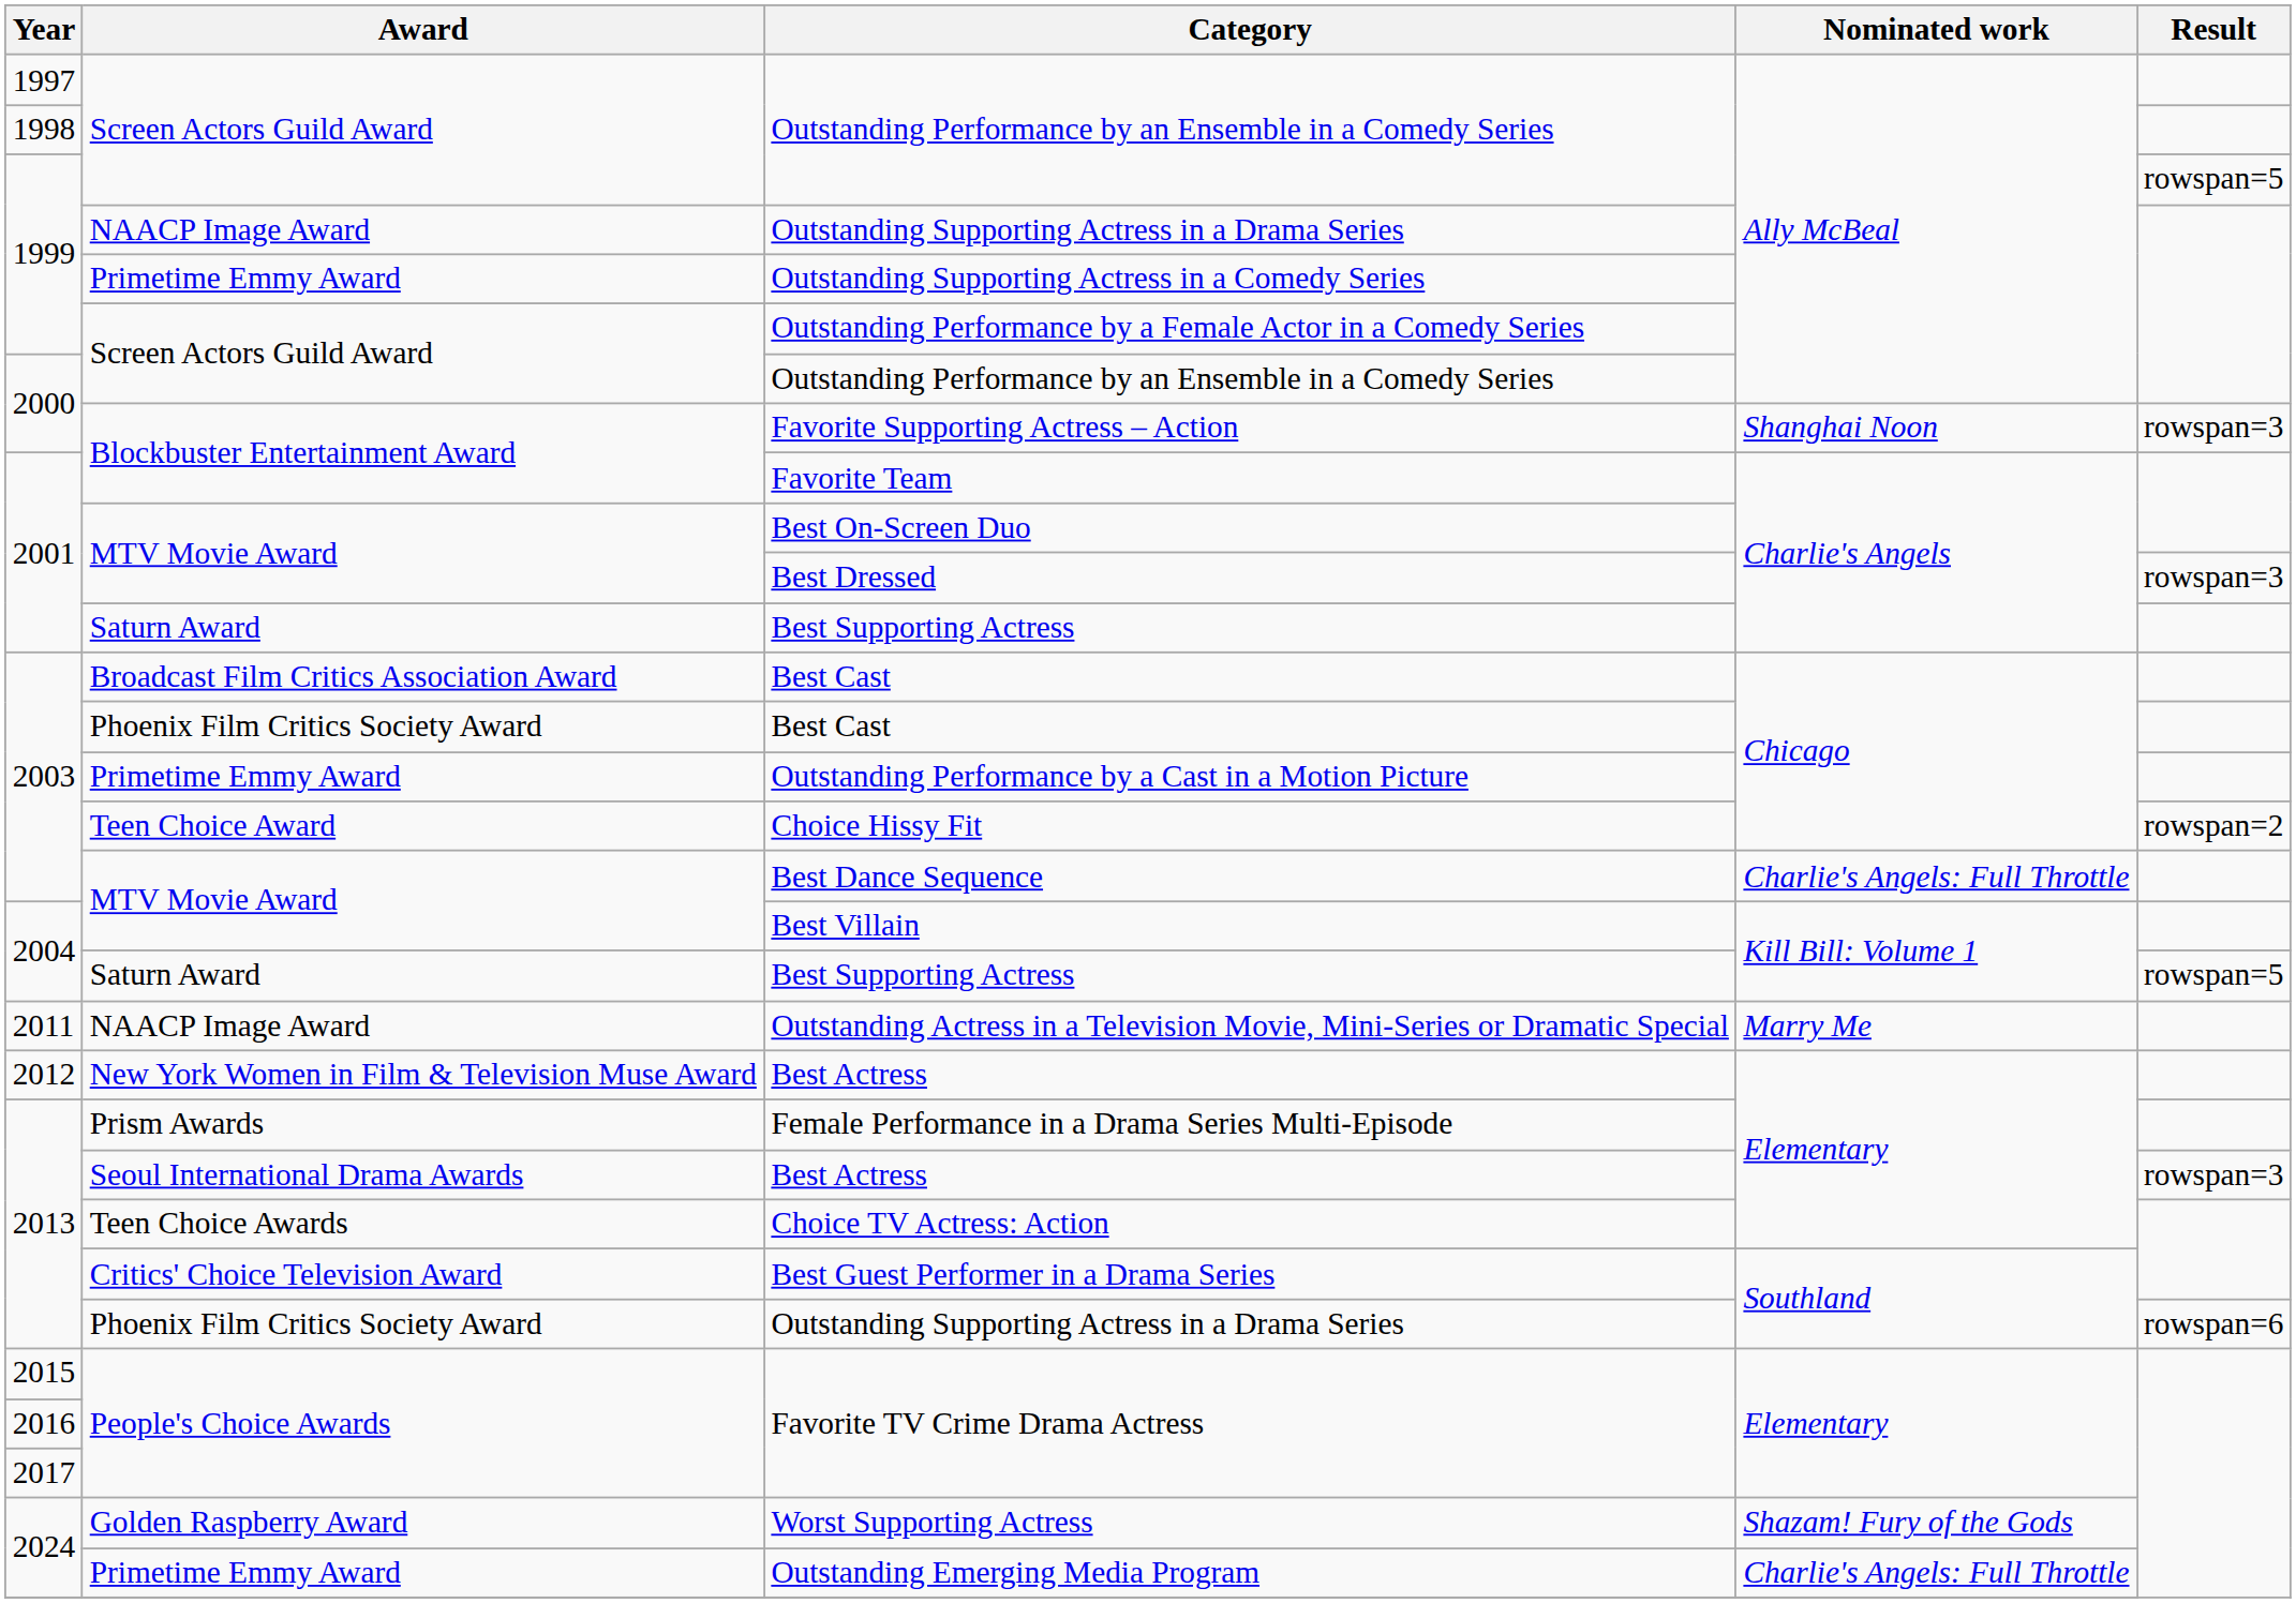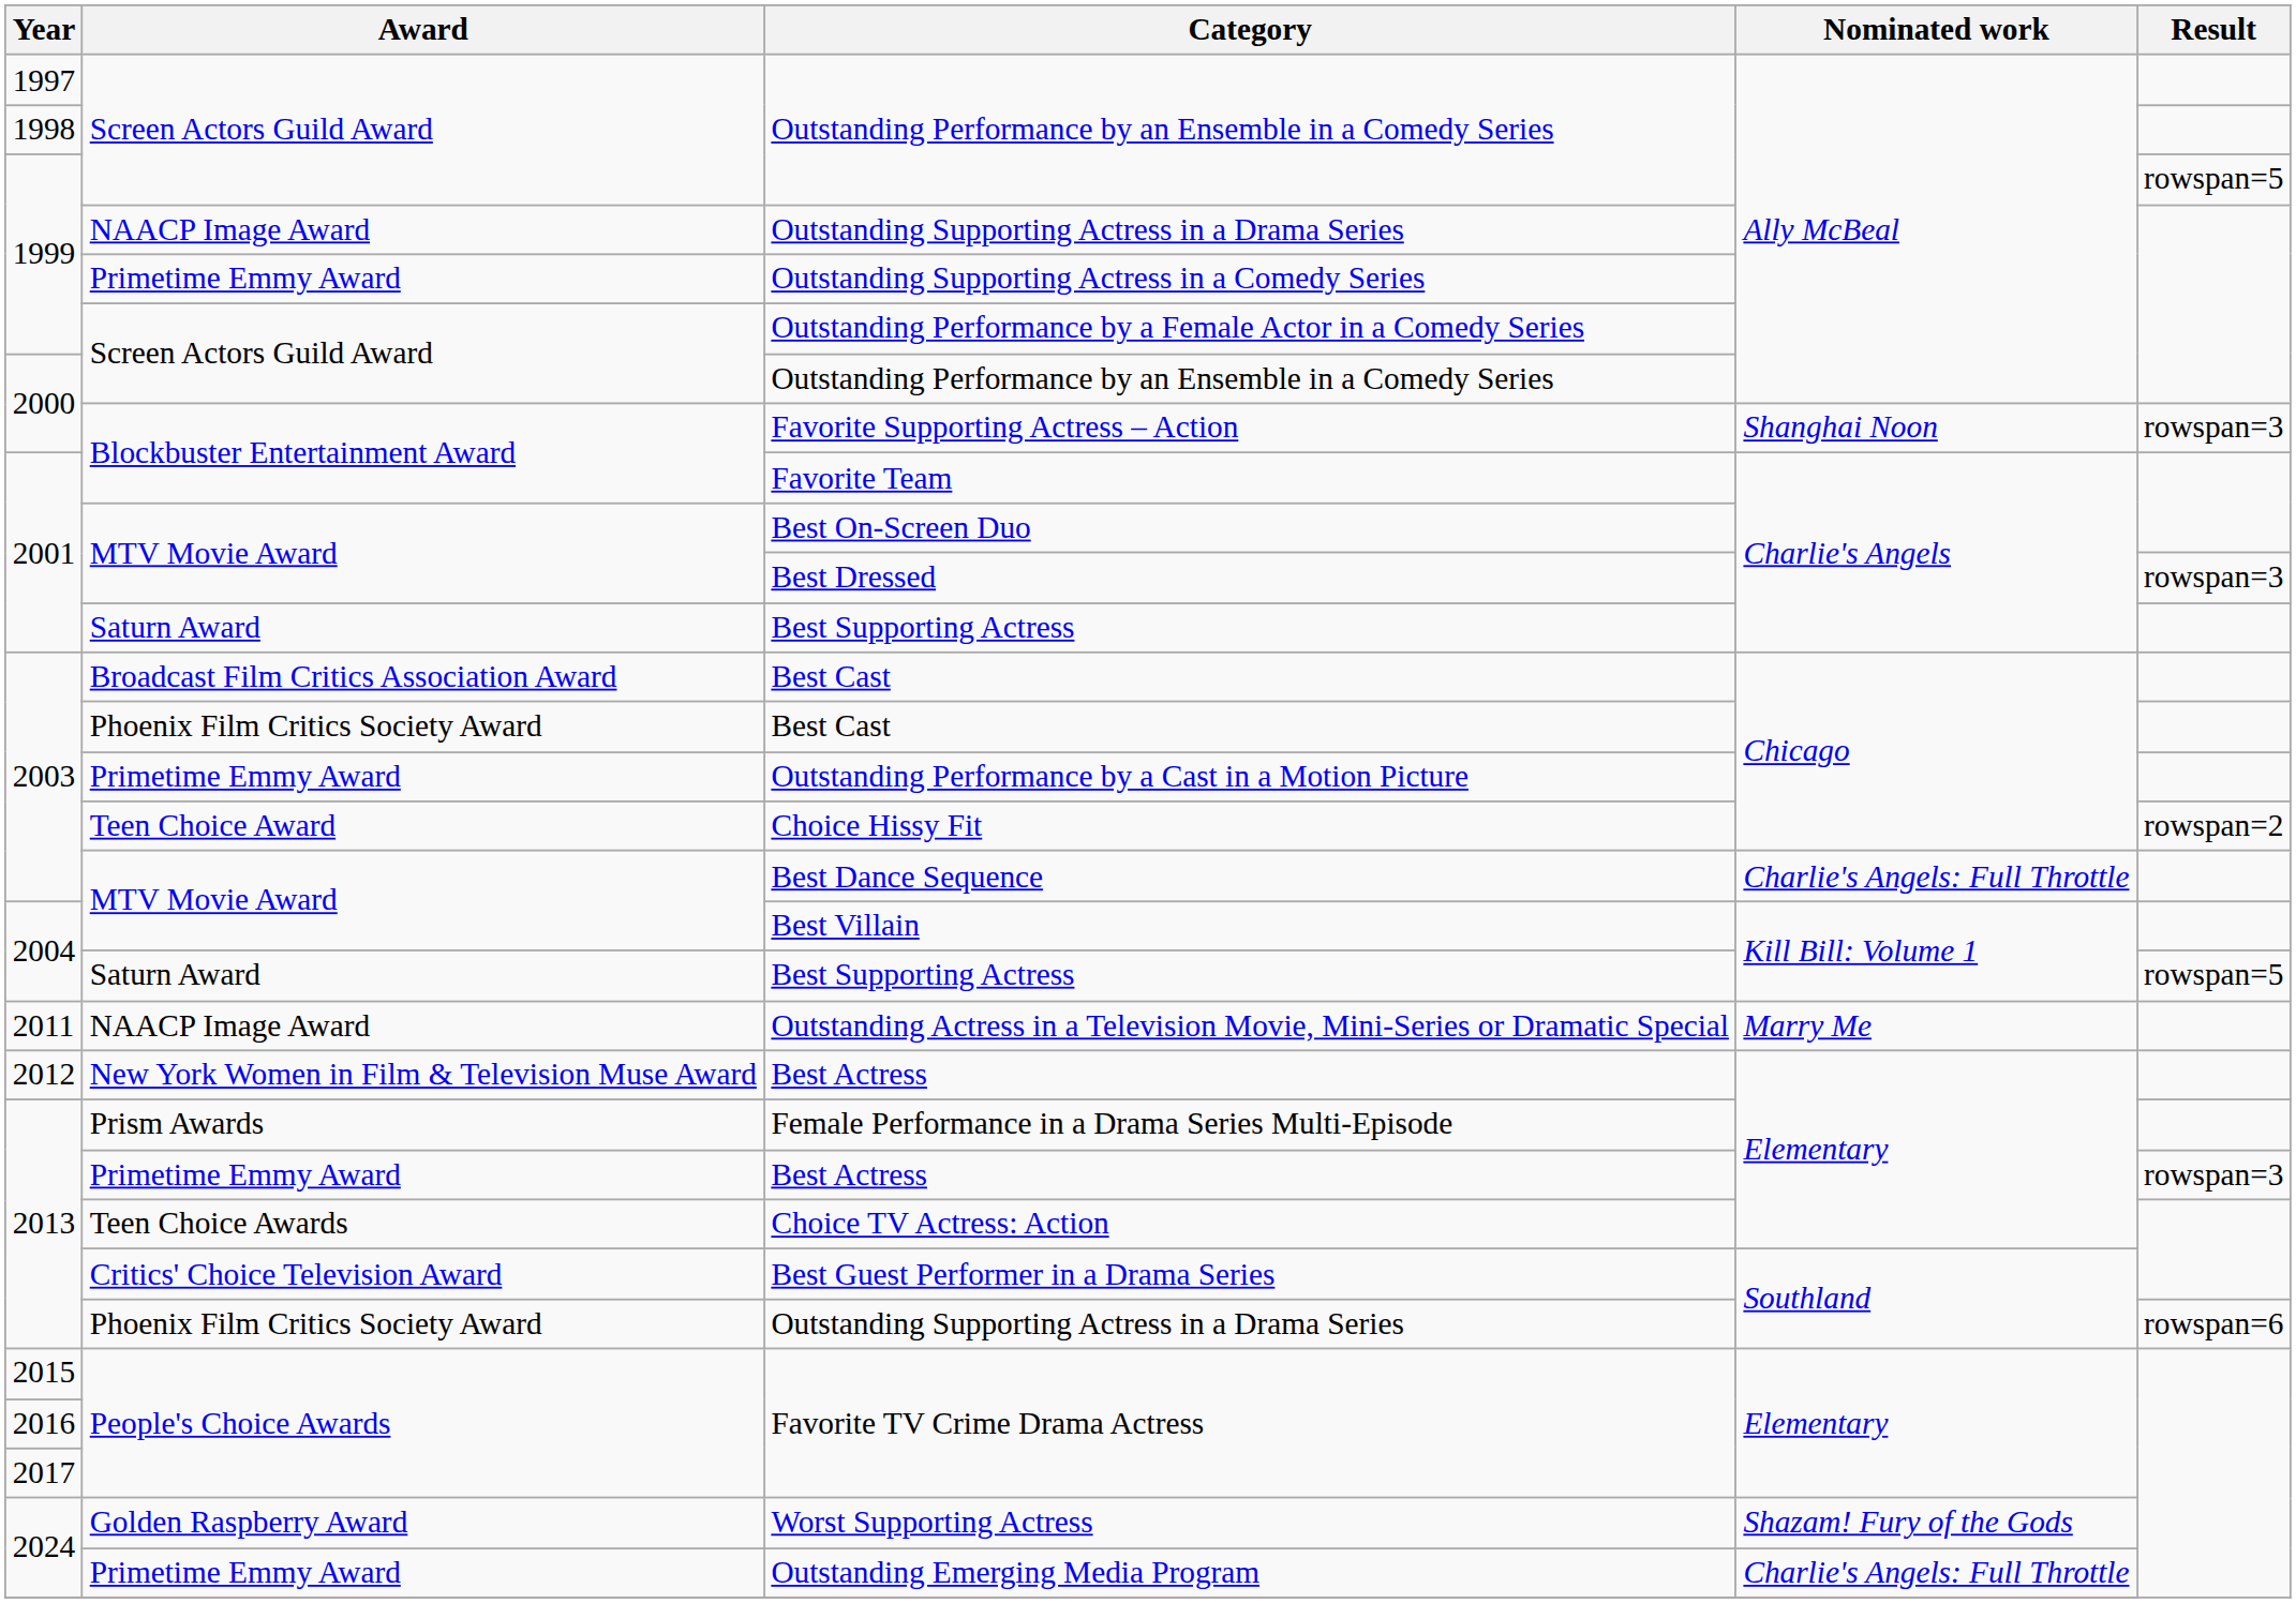 <table class="wikitable">
 <tr>
 <th>Year</th>
 <th>Award</th>
 <th>Category</th>
 <th>Nominated work</th>
 <th>Result</th>
 </tr>
 <tr>
 <td>1997</td>
 <td rowspan=3><a href='#'>Screen Actors Guild Award</a></td>
 <td rowspan=3><a href='#'>Outstanding Performance by an Ensemble in a Comedy Series</a></td>
 <td rowspan=7><em><a href='#'>Ally McBeal</a></em></td>
 <td></td>
 </tr>
 <tr>
 <td>1998</td>
 <td></td>
 </tr>
 <tr>
 <td rowspan=4>1999</td>
 <td>rowspan=5 </td>
 </tr>
 <tr>
 <td><a href='#'>NAACP Image Award</a></td>
 <td><a href='#'>Outstanding Supporting Actress in a Drama Series</a></td>
 </tr>
 <tr>
 <td><a href='#'>Primetime Emmy Award</a></td>
 <td><a href='#'>Outstanding Supporting Actress in a Comedy Series</a></td>
 </tr>
 <tr>
 <td rowspan=2>Screen Actors Guild Award</td>
 <td><a href='#'>Outstanding Performance by a Female Actor in a Comedy Series</a></td>
 </tr>
 <tr>
 <td rowspan=2>2000</td>
 <td>Outstanding Performance by an Ensemble in a Comedy Series</td>
 </tr>
 <tr>
 <td rowspan=2><a href='#'>Blockbuster Entertainment Award</a></td>
 <td><a href='#'>Favorite Supporting Actress – Action</a></td>
 <td><em><a href='#'>Shanghai Noon</a></em></td>
 <td>rowspan=3 </td>
 </tr>
 <tr>
 <td rowspan=4>2001</td>
 <td><a href='#'>Favorite Team</a></td>
 <td rowspan=4><em><a href='#'>Charlie's Angels</a></em></td>
 </tr>
 <tr>
 <td rowspan=2><a href='#'>MTV Movie Award</a></td>
 <td><a href='#'>Best On-Screen Duo</a></td>
 </tr>
 <tr>
 <td><a href='#'>Best Dressed</a></td>
 <td>rowspan=3 </td>
 </tr>
 <tr>
 <td><a href='#'>Saturn Award</a></td>
 <td><a href='#'>Best Supporting Actress</a></td>
 </tr>
 <tr>
 <td rowspan=5>2003</td>
 <td><a href='#'>Broadcast Film Critics Association Award</a></td>
 <td><a href='#'>Best Cast</a></td>
 <td rowspan=4><em><a href='#'>Chicago</a></em></td>
 <td></td>
 </tr>
 <tr>
 <td>Phoenix Film Critics Society Award</td>
 <td>Best Cast</td>
 <td></td>
 </tr>
 <tr>
 <td><a href='#'>Primetime Emmy Award</a></td>
 <td><a href='#'>Outstanding Performance by a Cast in a Motion Picture</a></td>
 <td></td>
 </tr>
 <tr>
 <td><a href='#'>Teen Choice Award</a></td>
 <td><a href='#'>Choice Hissy Fit</a></td>
 <td>rowspan=2 </td>
 </tr>
 <tr>
 <td rowspan=2><a href='#'>MTV Movie Award</a></td>
 <td><a href='#'>Best Dance Sequence</a></td>
 <td><em><a href='#'>Charlie's Angels: Full Throttle</a></em></td>
 </tr>
 <tr>
 <td rowspan=2>2004</td>
 <td><a href='#'>Best Villain</a></td>
 <td rowspan=2><em><a href='#'>Kill Bill: Volume 1</a></em></td>
 <td></td>
 </tr>
 <tr>
 <td>Saturn Award</td>
 <td><a href='#'>Best Supporting Actress</a></td>
 <td>rowspan=5 </td>
 </tr>
 <tr>
 <td>2011</td>
 <td>NAACP Image Award</td>
 <td><a href='#'>Outstanding Actress in a Television Movie, Mini-Series or Dramatic Special</a></td>
 <td><em><a href='#'>Marry Me</a></em></td>
 </tr>
 <tr>
 <td>2012</td>
 <td><a href='#'>New York Women in Film & Television Muse Award</a></td>
 <td><a href='#'>Best Actress</a></td>
 <td rowspan=4><em><a href='#'>Elementary</a></em></td>
 <td></td>
 </tr>
 <tr>
 <td rowspan=5>2013</td>
 <td>Prism Awards</td>
 <td>Female Performance in a Drama Series Multi-Episode</td>
 <td></td>
 </tr>
 <tr>
-<td><a href='#'>Seoul International Drama Awards</a></td>
+<td><a href='#'>Primetime Emmy Award</a></td>
 <td><a href='#'>Best Actress</a></td>
 <td>rowspan=3 </td>
 </tr>
 <tr>
 <td>Teen Choice Awards</td>
 <td><a href='#'>Choice TV Actress: Action</a></td>
 </tr>
 <tr>
 <td><a href='#'>Critics' Choice Television Award</a></td>
 <td><a href='#'>Best Guest Performer in a Drama Series</a></td>
 <td rowspan=2><em><a href='#'>Southland</a></em></td>
 </tr>
 <tr>
 <td>Phoenix Film Critics Society Award</td>
 <td Outstanding Supporting Actress in a Drama Series>Outstanding Supporting Actress in a Drama Series</td>
 <td>rowspan=6 </td>
 </tr>
 <tr>
 <td>2015</td>
 <td rowspan=3><a href='#'>People's Choice Awards</a></td>
 <td rowspan=3>Favorite TV Crime Drama Actress</td>
 <td rowspan=3><em><a href='#'>Elementary</a></em></td>
 </tr>
 <tr>
 <td>2016</td>
 </tr>
 <tr>
 <td>2017</td>
 </tr>
 <tr>
 <td rowspan=2>2024</td>
 <td><a href='#'>Golden Raspberry Award</a></td>
 <td><a href='#'>Worst Supporting Actress</a></td>
 <td><em><a href='#'>Shazam! Fury of the Gods</a></em></td>
 </tr>
 <tr>
 <td><a href='#'>Primetime Emmy Award</a></td>
 <td><a href='#'>Outstanding Emerging Media Program</a></td>
 <td><em><a href='#'>Charlie's Angels: Full Throttle</a></em></td>
 </tr>
 <tr>
 </tr>
 </table>
